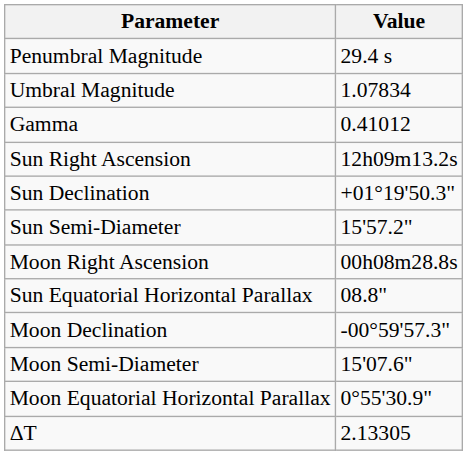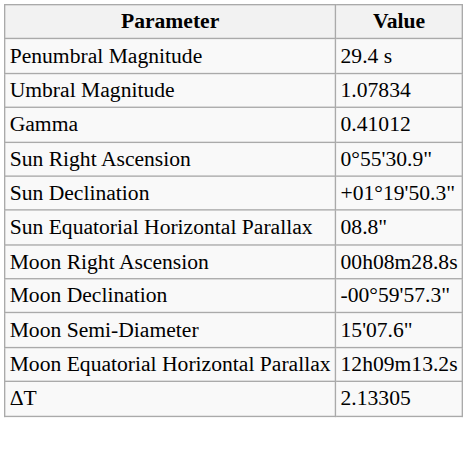 <table class="wikitable">
 <tr>
 <th>Parameter</th>
 <th>Value</th>
 </tr>
 <tr>
 <td>Penumbral Magnitude</td>
 <td>29.4 s</td>
 </tr>
 <tr>
 <td>Umbral Magnitude</td>
 <td>1.07834</td>
 </tr>
 <tr>
 <td>Gamma</td>
 <td>0.41012</td>
 </tr>
 <tr>
 <td>Sun Right Ascension</td>
-<td>12h09m13.2s</td>
+<td>0°55'30.9"</td>
 </tr>
 <tr>
 <td>Sun Declination</td>
 <td>+01°19'50.3"</td>
 </tr>
 <tr>
-<td>Sun Semi-Diameter</td>
-<td>15'57.2"</td>
+<td>Sun Equatorial Horizontal Parallax</td>
+<td>08.8"</td>
 </tr>
 <tr>
 <td>Moon Right Ascension</td>
 <td>00h08m28.8s</td>
-</tr>
-<tr>
-<td>Sun Equatorial Horizontal Parallax</td>
-<td>08.8"</td>
 </tr>
 <tr>
 <td>Moon Declination</td>
 <td>-00°59'57.3"</td>
 </tr>
 <tr>
 <td>Moon Semi-Diameter</td>
 <td>15'07.6"</td>
 </tr>
 <tr>
 <td>Moon Equatorial Horizontal Parallax</td>
-<td>0°55'30.9"</td>
+<td>12h09m13.2s</td>
 </tr>
 <tr>
 <td>ΔT</td>
 <td>2.13305</td>
 </tr>
 </table>
